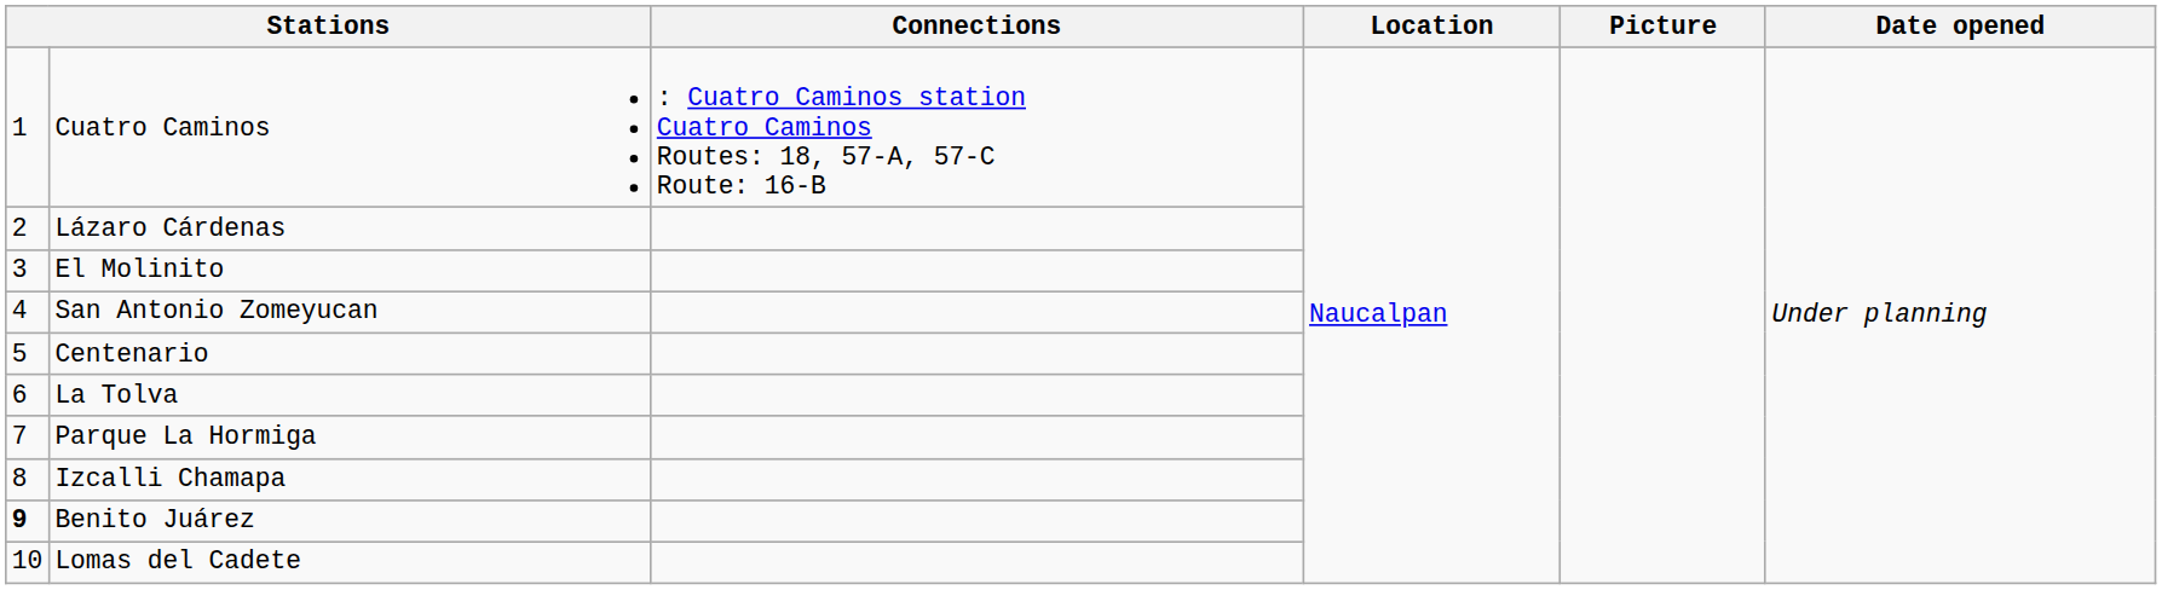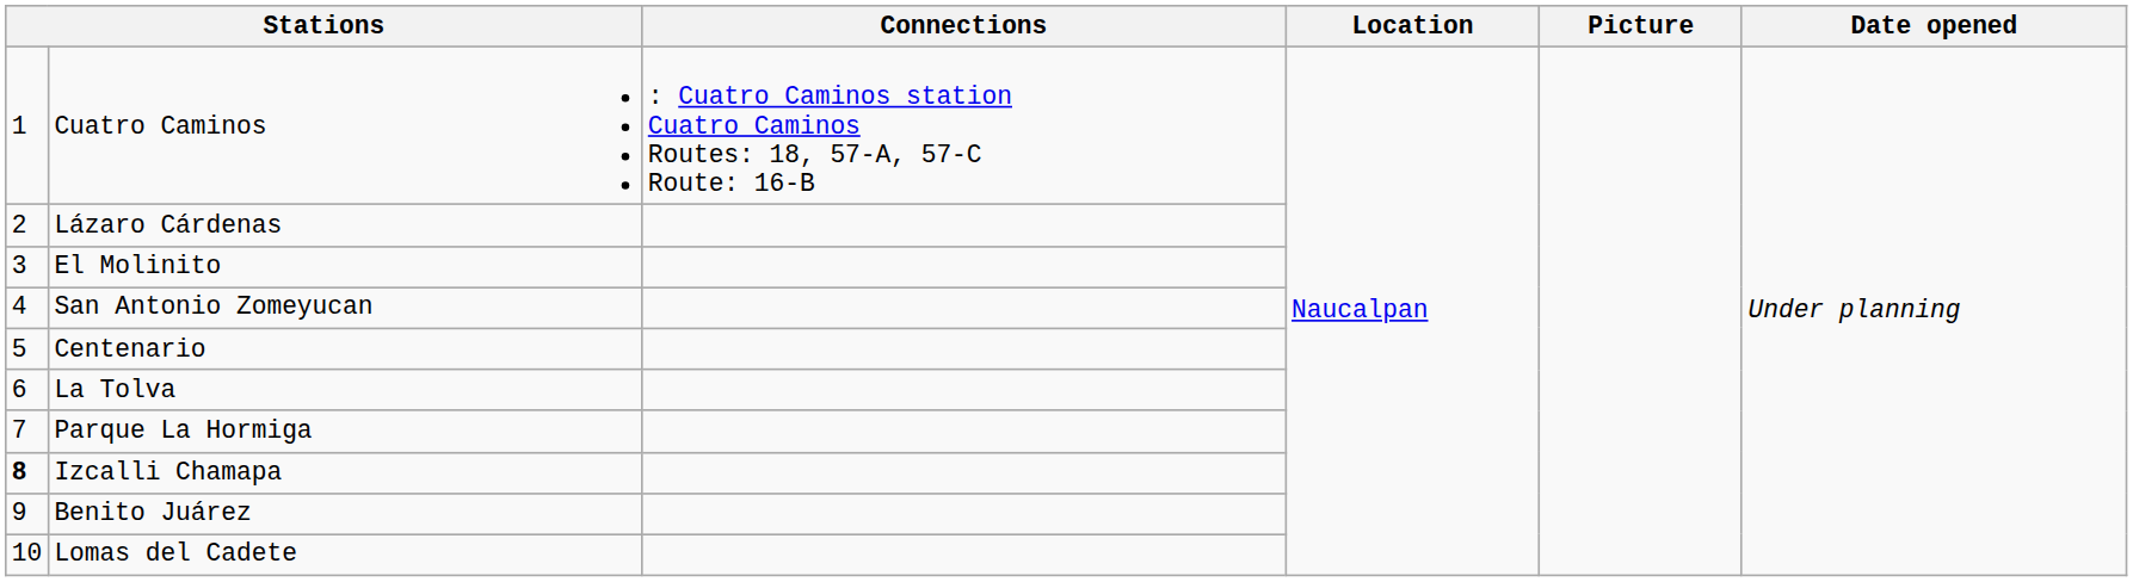 <table class="wikitable">
 <tr>
 <th colspan="2" align="center" width="30%">Stations</th>
 <th>Connections</th>
 <th>Location</th>
 <th>Picture</th>
 <th>Date opened</th>
 </tr>
 <tr>
 <td width="2%" bgcolor="">1</td>
 <td> Cuatro Caminos</td>
 <td><br><li> : <a href='#'>Cuatro Caminos station</a> <li> <a href='#'>Cuatro Caminos</a></li> <li> Routes: 18, 57-A, 57-C</li> <li> Route: 16-B </li></td>
 <td rowspan=10><a href='#'>Naucalpan</a></td>
 <td rowspan=10></td>
 <td rowspan=10><em>Under planning</em></td>
 </tr>
 <tr>
 <td width="2%" bgcolor="">2</td>
 <td> Lázaro Cárdenas</td>
 <td></td>
 </tr>
 <tr>
 <td width="2%" bgcolor="">3</td>
 <td> El Molinito</td>
 <td></td>
 </tr>
 <tr>
 <td width="2%" bgcolor="">4</td>
 <td> San Antonio Zomeyucan</td>
 <td></td>
 </tr>
 <tr>
 <td width="2%" bgcolor="">5</td>
 <td> Centenario</td>
 <td></td>
 </tr>
 <tr>
 <td width="2%" bgcolor="">6</td>
 <td> La Tolva</td>
 <td></td>
 </tr>
 <tr>
 <td width="2%" bgcolor="">7</td>
 <td> Parque La Hormiga</td>
 <td></td>
 </tr>
 <tr>
-<td width="2%" bgcolor="">8</td>
+<td width="2%" bgcolor=""><strong>8</strong></td>
 <td> Izcalli Chamapa</td>
 <td></td>
 </tr>
 <tr>
-<td width="2%" bgcolor=""><strong>9</strong></td>
+<td width="2%" bgcolor="">9</td>
 <td> Benito Juárez</td>
 <td></td>
 </tr>
 <tr>
 <td width="2%" bgcolor="">10</td>
 <td> Lomas del Cadete</td>
 <td></td>
 </tr>
 </table>
